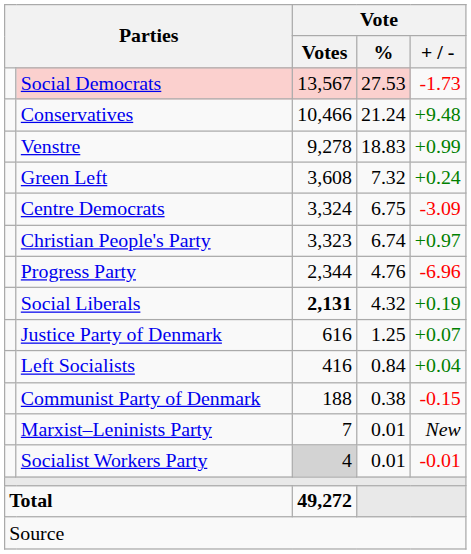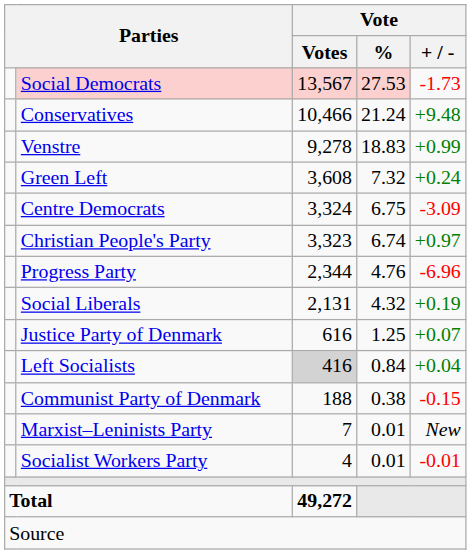 <table class="wikitable" style="text-align:right;">
 <tr>
 <th style="text-align:centre;" rowspan="2" colspan="2" width="225">Parties</th>
 <th colspan="3">Vote</th>
 </tr>
 <tr>
 <th width="15">Votes</th>
 <th width="15">%</th>
 <th width="15">+ / -</th>
 </tr>
 <tr>
 <td width="2" style="color:inherit;background:"></td>
 <td bgcolor=#fbd0ce  align="left"><a href='#'>Social Democrats</a></td>
 <td bgcolor=#fbd0ce>13,567</td>
 <td bgcolor=#fbd0ce>27.53</td>
 <td style=color:red;>-1.73</td>
 </tr>
 <tr>
 <td width="2" style="color:inherit;background:"></td>
 <td align="left"><a href='#'>Conservatives</a></td>
 <td>10,466</td>
 <td>21.24</td>
 <td style=color:green;>+9.48</td>
 </tr>
 <tr>
 <td width="2" style="color:inherit;background:"></td>
 <td align="left"><a href='#'>Venstre</a></td>
 <td>9,278</td>
 <td>18.83</td>
 <td style=color:green;>+0.99</td>
 </tr>
 <tr>
 <td width="2" style="color:inherit;background:"></td>
 <td align="left"><a href='#'>Green Left</a></td>
 <td>3,608</td>
 <td>7.32</td>
 <td style=color:green;>+0.24</td>
 </tr>
 <tr>
 <td width="2" style="color:inherit;background:"></td>
 <td align="left"><a href='#'>Centre Democrats</a></td>
 <td>3,324</td>
 <td>6.75</td>
 <td style=color:red;>-3.09</td>
 </tr>
 <tr>
 <td width="2" style="color:inherit;background:"></td>
 <td align="left"><a href='#'>Christian People's Party</a></td>
 <td>3,323</td>
 <td>6.74</td>
 <td style=color:green;>+0.97</td>
 </tr>
 <tr>
 <td width="2" style="color:inherit;background:"></td>
 <td align="left"><a href='#'>Progress Party</a></td>
 <td>2,344</td>
 <td>4.76</td>
 <td style=color:red;>-6.96</td>
 </tr>
 <tr>
 <td width="2" style="color:inherit;background:"></td>
 <td align="left"><a href='#'>Social Liberals</a></td>
-<td><strong>2,131</strong></td>
+<td>2,131</td>
 <td>4.32</td>
 <td style=color:green;>+0.19</td>
 </tr>
 <tr>
 <td width="2" style="color:inherit;background:"></td>
 <td align="left"><a href='#'>Justice Party of Denmark</a></td>
 <td>616</td>
 <td>1.25</td>
 <td style=color:green;>+0.07</td>
 </tr>
 <tr>
 <td width="2" style="color:inherit;background:"></td>
 <td align="left"><a href='#'>Left Socialists</a></td>
-<td>416</td>
+<td style="background: lightgrey;">416</td>
 <td>0.84</td>
 <td style=color:green;>+0.04</td>
 </tr>
 <tr>
 <td width="2" style="color:inherit;background:"></td>
 <td align="left"><a href='#'>Communist Party of Denmark</a></td>
 <td>188</td>
 <td>0.38</td>
 <td style=color:red;>-0.15</td>
 </tr>
 <tr>
 <td width="2" style="color:inherit;background:"></td>
 <td align="left"><a href='#'>Marxist–Leninists Party</a></td>
 <td>7</td>
 <td>0.01</td>
 <td><em>New</em></td>
 </tr>
 <tr>
 <td width="2" style="color:inherit;background:"></td>
 <td align="left"><a href='#'>Socialist Workers Party</a></td>
-<td style="background: lightgrey;">4</td>
+<td>4</td>
 <td>0.01</td>
 <td style=color:red;>-0.01</td>
 </tr>
 <tr>
 <td colspan="7" bgcolor="#E9E9E9"></td>
 </tr>
 <tr>
 <td align="left" colspan="2"><strong>Total</strong></td>
 <td><strong>49,272</strong></td>
 <td bgcolor="#E9E9E9" colspan="2"></td>
 </tr>
 <tr>
 <td align="left" colspan="6">Source</td>
 </tr>
 </table>
